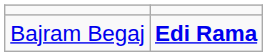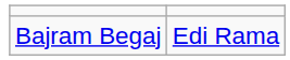 <table class="wikitable" style="text-align:left; float:right; margin-right:9px; margin-left:2px;">
 <tr>
 <td style="text-align:left;"></td>
 <td style="text-align:left;"></td>
 </tr>
 <tr>
 <td style="text-align:center;"><a href='#'>Bajram Begaj</a><br></td>
-<td style="text-align:center;"><strong><a href='#'>Edi Rama</a><br></strong></td>
+<td style="text-align:center;"><a href='#'>Edi Rama</a><br></td>
 </tr>
 </table>
